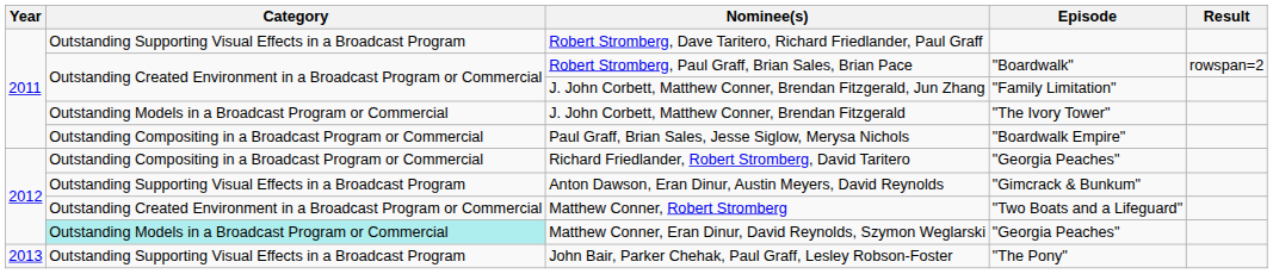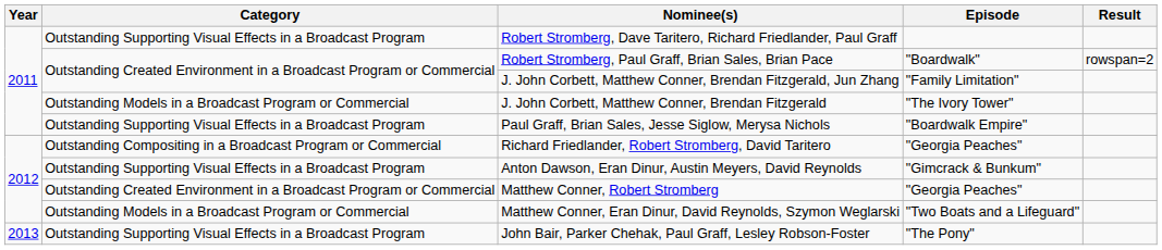 <table class="wikitable">
 <tr>
 <th>Year</th>
 <th>Category</th>
 <th>Nominee(s)</th>
 <th>Episode</th>
 <th>Result</th>
 </tr>
 <tr>
 <td rowspan=5><a href='#'>2011</a></td>
 <td>Outstanding Supporting Visual Effects in a Broadcast Program</td>
 <td><a href='#'>Robert Stromberg</a>, Dave Taritero, Richard Friedlander, Paul Graff</td>
 <td></td>
 <td></td>
 </tr>
 <tr>
 <td rowspan=2>Outstanding Created Environment in a Broadcast Program or Commercial</td>
 <td><a href='#'>Robert Stromberg</a>, Paul Graff, Brian Sales, Brian Pace</td>
 <td>"Boardwalk"</td>
 <td>rowspan=2 </td>
 </tr>
 <tr>
 <td>J. John Corbett, Matthew Conner, Brendan Fitzgerald, Jun Zhang</td>
 <td>"Family Limitation"</td>
 </tr>
 <tr>
 <td>Outstanding Models in a Broadcast Program or Commercial</td>
 <td>J. John Corbett, Matthew Conner, Brendan Fitzgerald</td>
 <td>"The Ivory Tower"</td>
 <td></td>
 </tr>
 <tr>
-<td>Outstanding Compositing in a Broadcast Program or Commercial</td>
+<td>Outstanding Supporting Visual Effects in a Broadcast Program</td>
 <td>Paul Graff, Brian Sales, Jesse Siglow, Merysa Nichols</td>
 <td>"Boardwalk Empire"</td>
 <td></td>
 </tr>
 <tr>
 <td rowspan=4><a href='#'>2012</a></td>
 <td>Outstanding Compositing in a Broadcast Program or Commercial</td>
 <td>Richard Friedlander, <a href='#'>Robert Stromberg</a>, David Taritero</td>
 <td>"Georgia Peaches"</td>
 <td></td>
 </tr>
 <tr>
 <td>Outstanding Supporting Visual Effects in a Broadcast Program</td>
 <td>Anton Dawson, Eran Dinur, Austin Meyers, David Reynolds</td>
 <td>"Gimcrack & Bunkum"</td>
 <td></td>
 </tr>
 <tr>
 <td>Outstanding Created Environment in a Broadcast Program or Commercial</td>
 <td>Matthew Conner, <a href='#'>Robert Stromberg</a></td>
-<td>"Two Boats and a Lifeguard"</td>
+<td>"Georgia Peaches"</td>
 <td></td>
 </tr>
 <tr>
-<td style="background: paleturquoise;">Outstanding Models in a Broadcast Program or Commercial</td>
+<td>Outstanding Models in a Broadcast Program or Commercial</td>
 <td>Matthew Conner, Eran Dinur, David Reynolds, Szymon Weglarski</td>
-<td>"Georgia Peaches"</td>
+<td>"Two Boats and a Lifeguard"</td>
 <td></td>
 </tr>
 <tr>
 <td><a href='#'>2013</a></td>
 <td>Outstanding Supporting Visual Effects in a Broadcast Program</td>
 <td>John Bair, Parker Chehak, Paul Graff, Lesley Robson-Foster</td>
 <td>"The Pony"</td>
 <td></td>
 </tr>
 </table>
